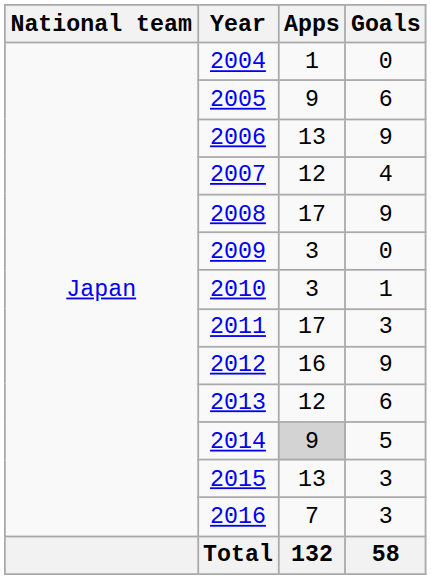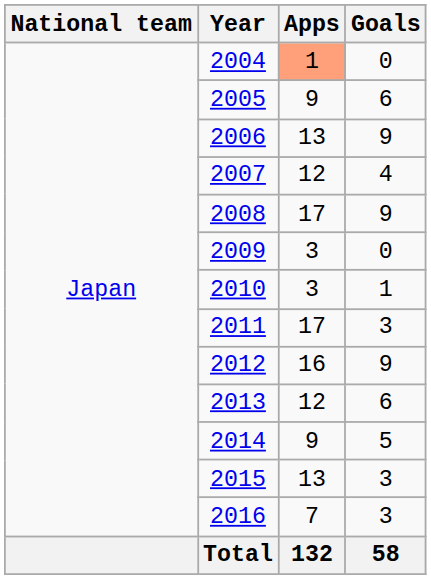 <table class="wikitable" style="text-align:center">
 <tr>
 <th>National team</th>
 <th>Year</th>
 <th>Apps</th>
 <th>Goals</th>
 </tr>
 <tr>
 <td rowspan="13"><a href='#'>Japan</a></td>
 <td><a href='#'>2004</a></td>
-<td>1</td>
+<td style="background: lightsalmon;">1</td>
 <td>0</td>
 </tr>
 <tr>
 <td><a href='#'>2005</a></td>
 <td>9</td>
 <td>6</td>
 </tr>
 <tr>
 <td><a href='#'>2006</a></td>
 <td>13</td>
 <td>9</td>
 </tr>
 <tr>
 <td><a href='#'>2007</a></td>
 <td>12</td>
 <td>4</td>
 </tr>
 <tr>
 <td><a href='#'>2008</a></td>
 <td>17</td>
 <td>9</td>
 </tr>
 <tr>
 <td><a href='#'>2009</a></td>
 <td>3</td>
 <td>0</td>
 </tr>
 <tr>
 <td><a href='#'>2010</a></td>
 <td>3</td>
 <td>1</td>
 </tr>
 <tr>
 <td><a href='#'>2011</a></td>
 <td>17</td>
 <td>3</td>
 </tr>
 <tr>
 <td><a href='#'>2012</a></td>
 <td>16</td>
 <td>9</td>
 </tr>
 <tr>
 <td><a href='#'>2013</a></td>
 <td>12</td>
 <td>6</td>
 </tr>
 <tr>
 <td><a href='#'>2014</a></td>
-<td style="background: lightgrey;">9</td>
+<td>9</td>
 <td>5</td>
 </tr>
 <tr>
 <td><a href='#'>2015</a></td>
 <td>13</td>
 <td>3</td>
 </tr>
 <tr>
 <td><a href='#'>2016</a></td>
 <td>7</td>
 <td>3</td>
 </tr>
 <tr>
 <th></th>
 <th>Total</th>
 <th>132</th>
 <th>58</th>
 </tr>
 </table>
